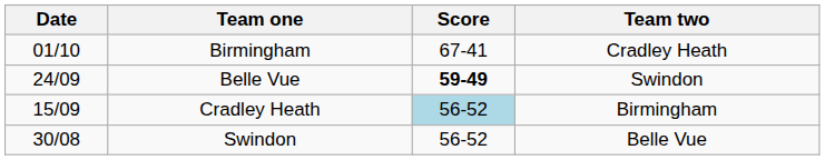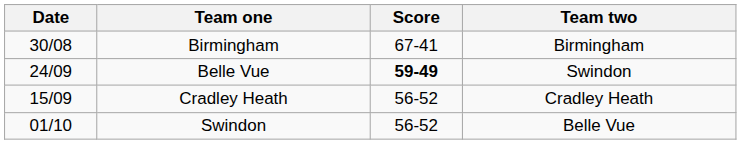 <table class="wikitable" style="text-align: center">
 <tr>
 <th width=80>Date</th>
 <th width=250>Team one</th>
 <th width=80>Score</th>
 <th width=250>Team two</th>
 </tr>
 <tr>
-<td>01/10</td>
+<td>30/08</td>
 <td>Birmingham</td>
 <td>67-41</td>
-<td>Cradley Heath</td>
+<td>Birmingham</td>
 </tr>
 <tr>
 <td>24/09</td>
 <td>Belle Vue</td>
 <td><strong>59-49</strong></td>
 <td>Swindon</td>
 </tr>
 <tr>
 <td>15/09</td>
 <td>Cradley Heath</td>
-<td style="background: lightblue;">56-52</td>
-<td>Birmingham</td>
+<td>56-52</td>
+<td>Cradley Heath</td>
 </tr>
 <tr>
-<td>30/08</td>
+<td>01/10</td>
 <td>Swindon</td>
 <td>56-52</td>
 <td>Belle Vue</td>
 </tr>
 </table>
